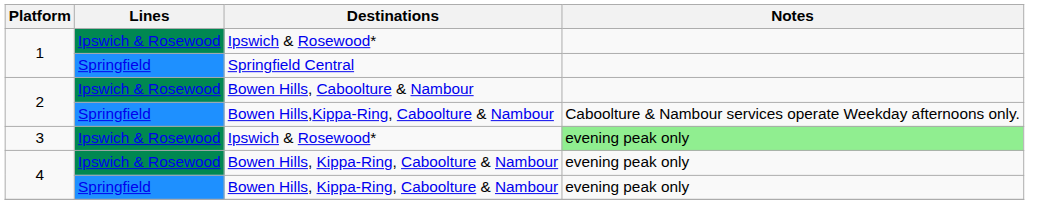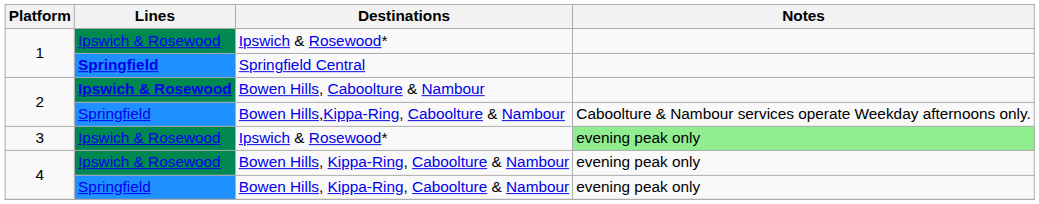 <table class="wikitable" style="float: none; margin: 0.5em; ">
 <tr>
 <th>Platform</th>
 <th>Lines</th>
 <th>Destinations</th>
 <th>Notes</th>
 </tr>
 <tr>
 <td rowspan="2" style="text-align:center;">1</td>
 <td style=background:#008851><a href='#'><span>Ipswich & Rosewood</span></a></td>
 <td><a href='#'>Ipswich</a> & <a href='#'>Rosewood</a>*</td>
 <td></td>
 </tr>
 <tr>
-<td style=background:#1e90ff><a href='#'><span>Springfield</span></a></td>
+<td style=background:#1e90ff><strong><a href='#'><span>Springfield</span></a></strong></td>
 <td><a href='#'>Springfield Central</a></td>
 <td></td>
 </tr>
 <tr>
 <td rowspan="2" style="text-align:center;">2</td>
-<td style=background:#008851><a href='#'><span>Ipswich & Rosewood</span></a></td>
+<td style=background:#008851><strong><a href='#'><span>Ipswich & Rosewood</span></a></strong></td>
 <td><a href='#'>Bowen Hills</a>, <a href='#'>Caboolture</a> & <a href='#'>Nambour</a></td>
 <td></td>
 </tr>
 <tr>
 <td style=background:#1e90ff><a href='#'><span>Springfield</span></a></td>
 <td><a href='#'>Bowen Hills</a>,<a href='#'>Kippa-Ring</a>, <a href='#'>Caboolture</a> & <a href='#'>Nambour</a></td>
 <td>Caboolture & Nambour services operate Weekday afternoons only.</td>
 </tr>
 <tr>
 <td rowspan="1" style="text-align:center;">3</td>
 <td style=background:#008851><a href='#'><span>Ipswich & Rosewood</span></a></td>
 <td><a href='#'>Ipswich</a> & <a href='#'>Rosewood</a>*</td>
 <td style="background: lightgreen;">evening peak only</td>
 </tr>
 <tr>
 <td rowspan="2" style="text-align:center;">4</td>
 <td style=background:#008851><a href='#'><span>Ipswich & Rosewood</span></a></td>
 <td><a href='#'>Bowen Hills</a>, <a href='#'>Kippa-Ring</a>, <a href='#'>Caboolture</a> & <a href='#'>Nambour</a></td>
 <td>evening peak only</td>
 </tr>
 <tr>
 <td style=background:#1e90ff><a href='#'><span>Springfield</span></a></td>
 <td><a href='#'>Bowen Hills</a>, <a href='#'>Kippa-Ring</a>, <a href='#'>Caboolture</a> & <a href='#'>Nambour</a></td>
 <td>evening peak only</td>
 </tr>
 <tr>
 </tr>
 </table>
